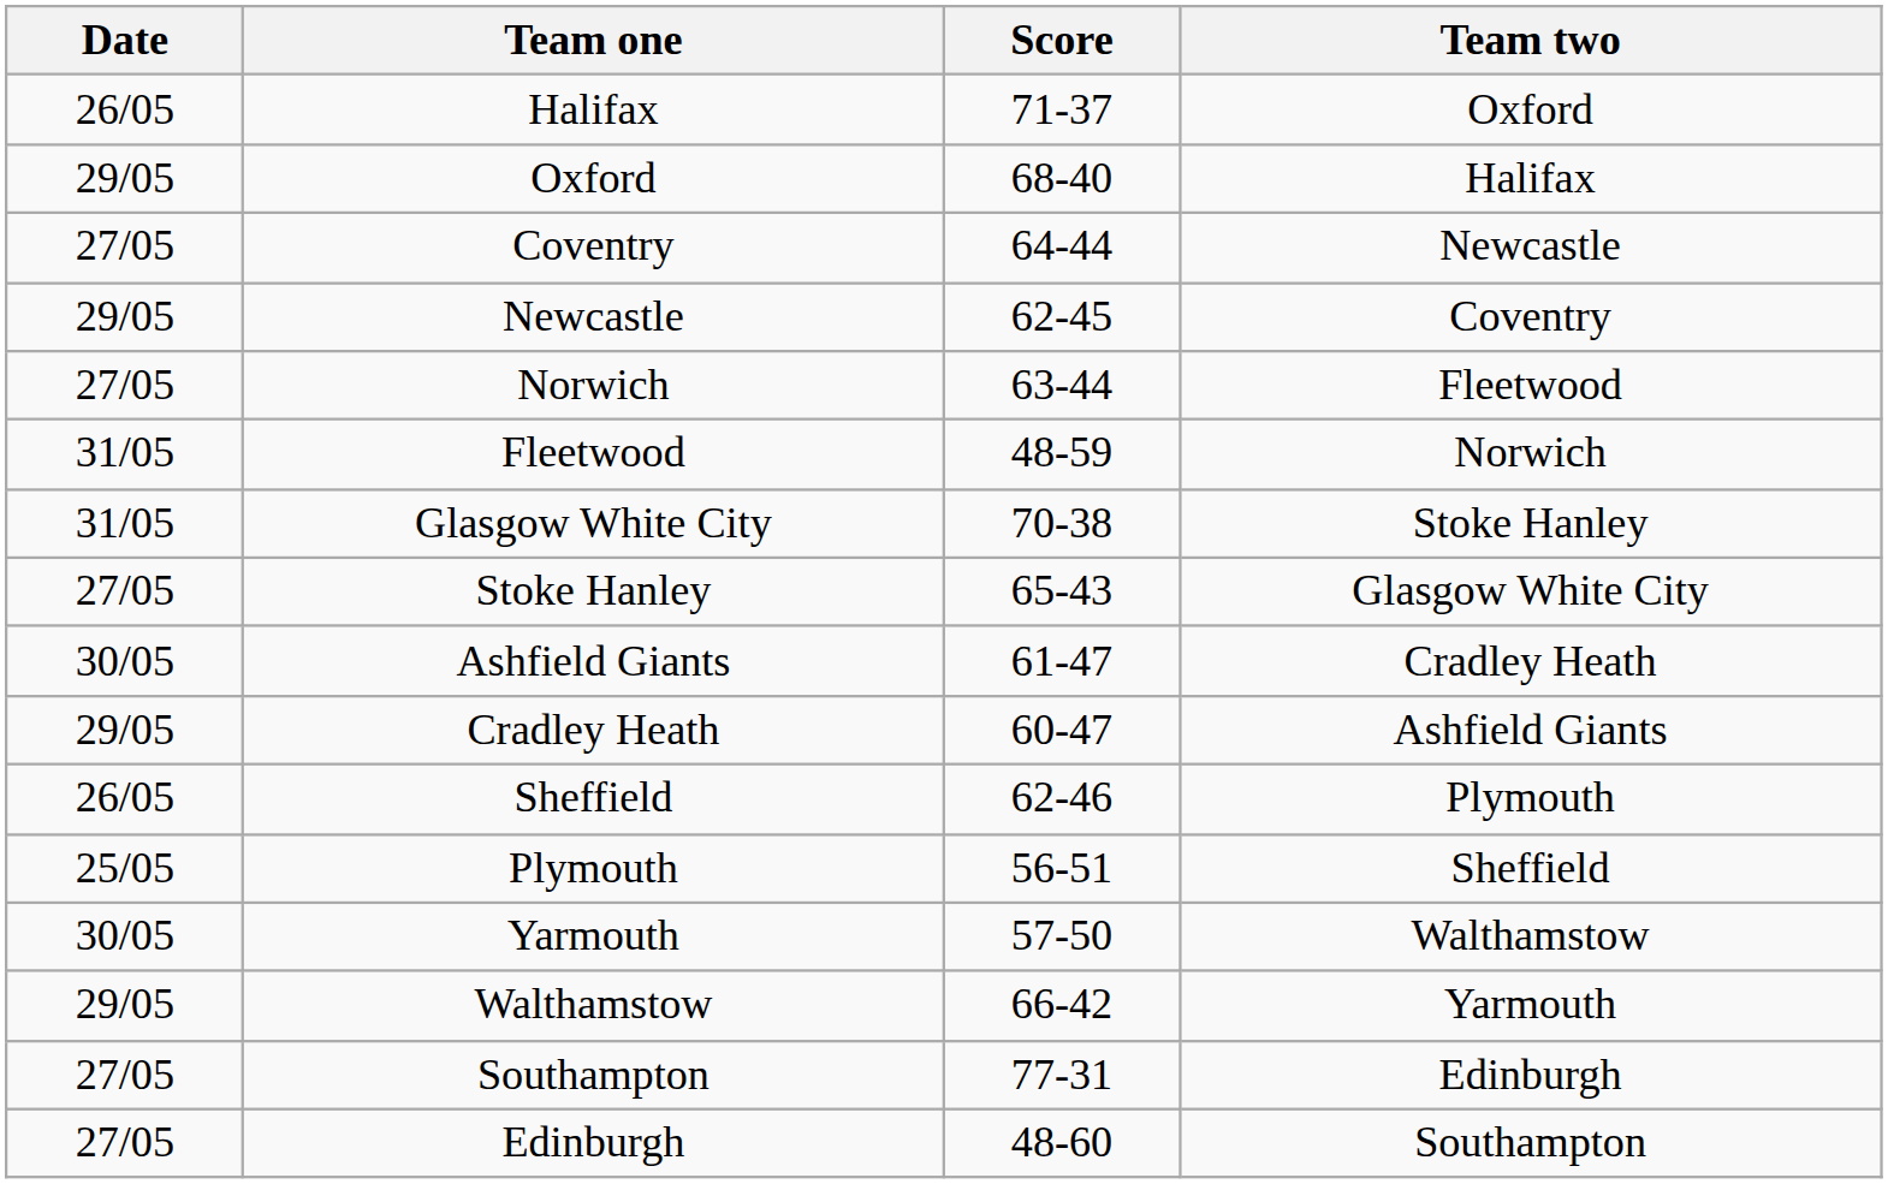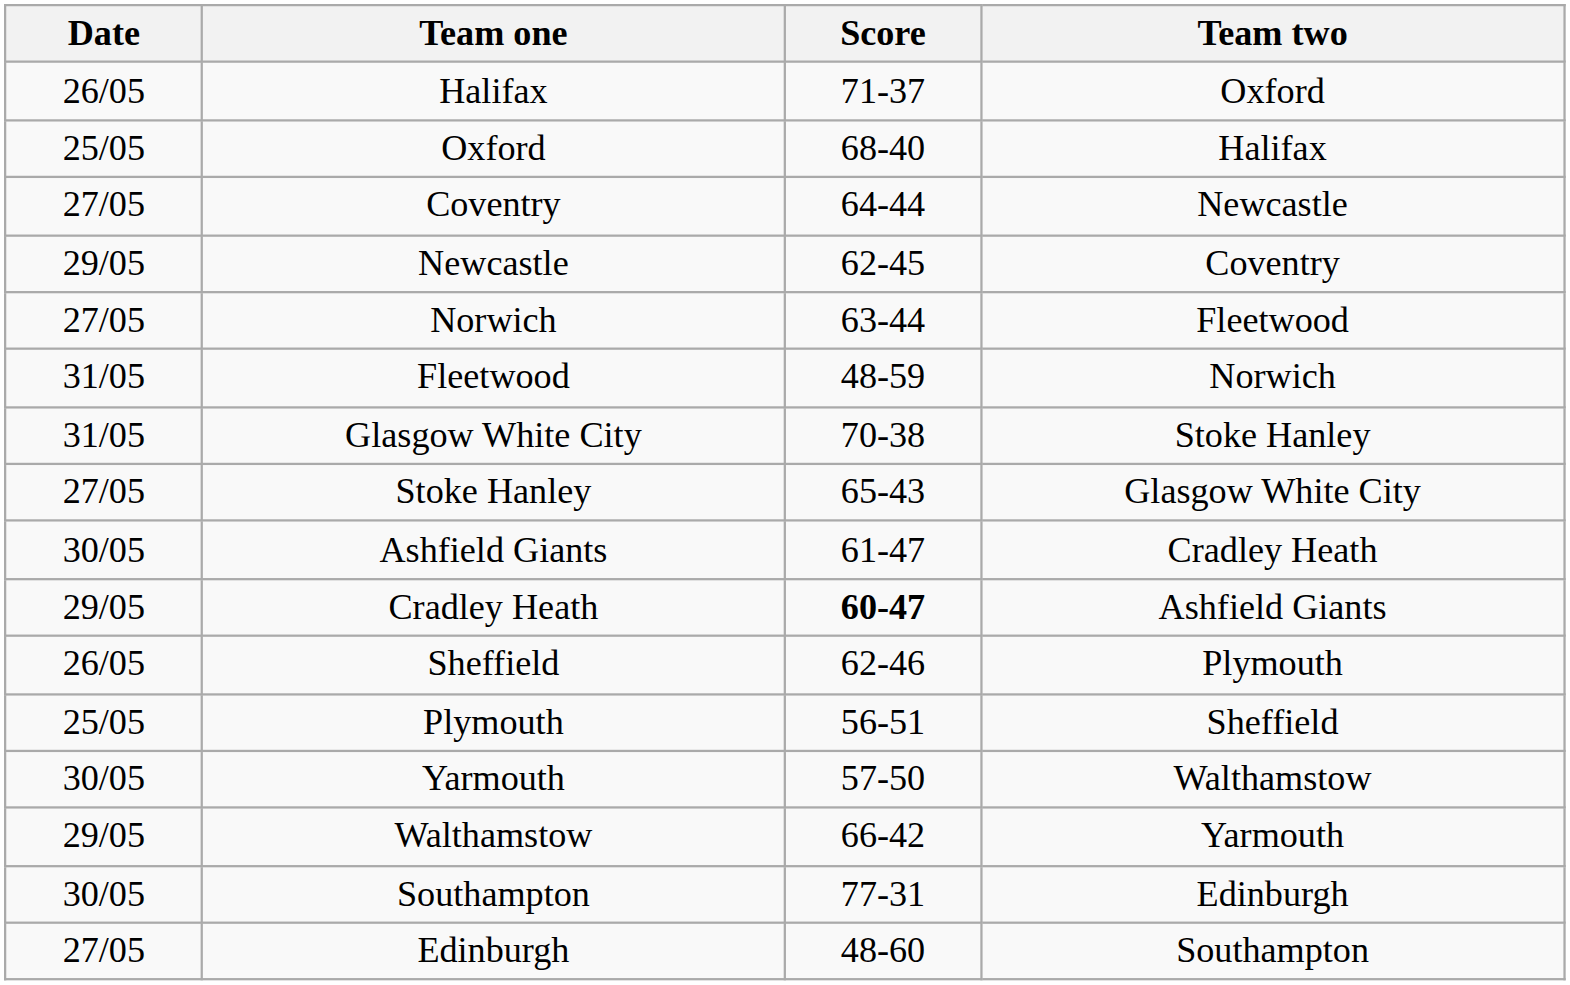 <table class="wikitable" style="text-align: center">
 <tr>
 <th width=80>Date</th>
 <th width=250>Team one</th>
 <th width=80>Score</th>
 <th width=250>Team two</th>
 </tr>
 <tr>
 <td>26/05</td>
 <td>Halifax</td>
 <td>71-37</td>
 <td>Oxford</td>
 </tr>
 <tr>
-<td>29/05</td>
+<td>25/05</td>
 <td>Oxford</td>
 <td>68-40</td>
 <td>Halifax</td>
 </tr>
 <tr>
 <td>27/05</td>
 <td>Coventry</td>
 <td>64-44</td>
 <td>Newcastle</td>
 </tr>
 <tr>
 <td>29/05</td>
 <td>Newcastle</td>
 <td>62-45</td>
 <td>Coventry</td>
 </tr>
 <tr>
 <td>27/05</td>
 <td>Norwich</td>
 <td>63-44</td>
 <td>Fleetwood</td>
 </tr>
 <tr>
 <td>31/05</td>
 <td>Fleetwood</td>
 <td>48-59</td>
 <td>Norwich</td>
 </tr>
 <tr>
 <td>31/05</td>
 <td>Glasgow White City</td>
 <td>70-38</td>
 <td>Stoke Hanley</td>
 </tr>
 <tr>
 <td>27/05</td>
 <td>Stoke Hanley</td>
 <td>65-43</td>
 <td>Glasgow White City</td>
 </tr>
 <tr>
 <td>30/05</td>
 <td>Ashfield Giants</td>
 <td>61-47</td>
 <td>Cradley Heath</td>
 </tr>
 <tr>
 <td>29/05</td>
 <td>Cradley Heath</td>
-<td>60-47</td>
+<td><strong>60-47</strong></td>
 <td>Ashfield Giants</td>
 </tr>
 <tr>
 <td>26/05</td>
 <td>Sheffield</td>
 <td>62-46</td>
 <td>Plymouth</td>
 </tr>
 <tr>
 <td>25/05</td>
 <td>Plymouth</td>
 <td>56-51</td>
 <td>Sheffield</td>
 </tr>
 <tr>
 <td>30/05</td>
 <td>Yarmouth</td>
 <td>57-50</td>
 <td>Walthamstow</td>
 </tr>
 <tr>
 <td>29/05</td>
 <td>Walthamstow</td>
 <td>66-42</td>
 <td>Yarmouth</td>
 </tr>
 <tr>
-<td>27/05</td>
+<td>30/05</td>
 <td>Southampton</td>
 <td>77-31</td>
 <td>Edinburgh</td>
 </tr>
 <tr>
 <td>27/05</td>
 <td>Edinburgh</td>
 <td>48-60</td>
 <td>Southampton</td>
 </tr>
 </table>
